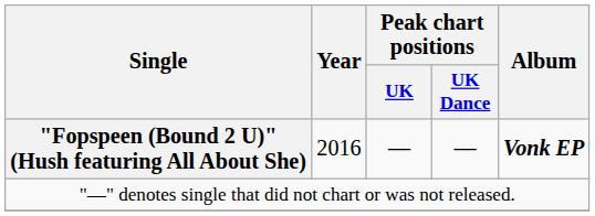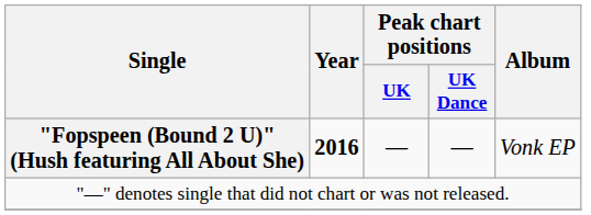 <table class="wikitable plainrowheaders" style="text-align:center;">
 <tr>
 <th scope="col" rowspan="2">Single</th>
 <th scope="col" rowspan="2">Year</th>
 <th scope="col" colspan="2">Peak chart positions</th>
 <th scope="col" rowspan="2">Album</th>
 </tr>
 <tr>
 <th scope="col" style="width:3em;font-size:85%;"><a href='#'>UK</a><br></th>
 <th scope="col" style="width:3em;font-size:85%;"><a href='#'>UK<br>Dance</a><br></th>
 </tr>
 <tr>
 <th scope="row">"Fopspeen (Bound 2 U)"<br><span>(Hush featuring All About She)</span></th>
-<td>2016</td>
+<td><strong>2016</strong></td>
 <td>—</td>
 <td>—</td>
-<td><strong><em>Vonk EP</em></strong></td>
+<td><em>Vonk EP</em></td>
 </tr>
 <tr>
 <td colspan="18" style="font-size:85%">"—" denotes single that did not chart or was not released.</td>
 </tr>
 <tr>
 </tr>
 </table>
